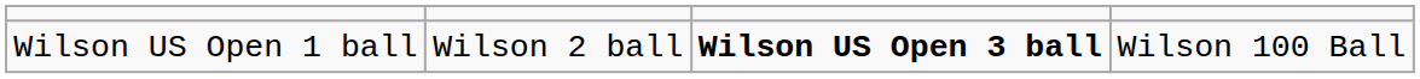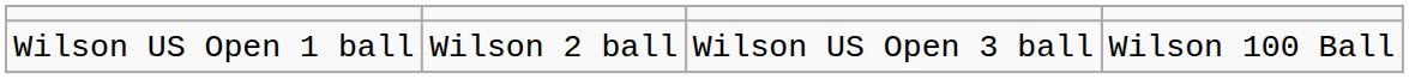 <table class="wikitable" style="text-align: center;">
 <tr>
 <td></td>
 <td></td>
 <td></td>
 <td></td>
 </tr>
 <tr>
 <td>Wilson US Open 1 ball</td>
 <td>Wilson 2 ball</td>
-<td><strong>Wilson US Open 3 ball</strong></td>
+<td>Wilson US Open 3 ball</td>
 <td>Wilson 100 Ball</td>
 </tr>
 </table>
